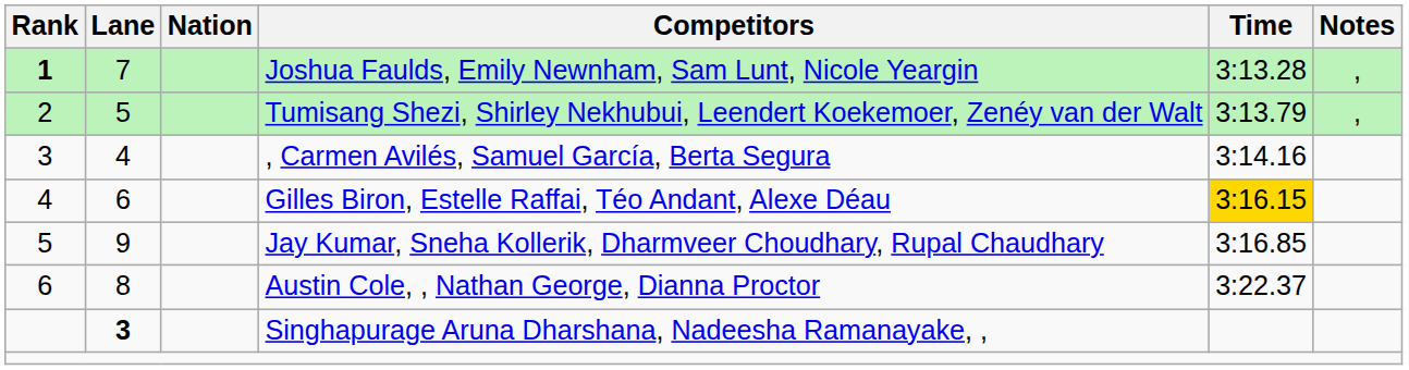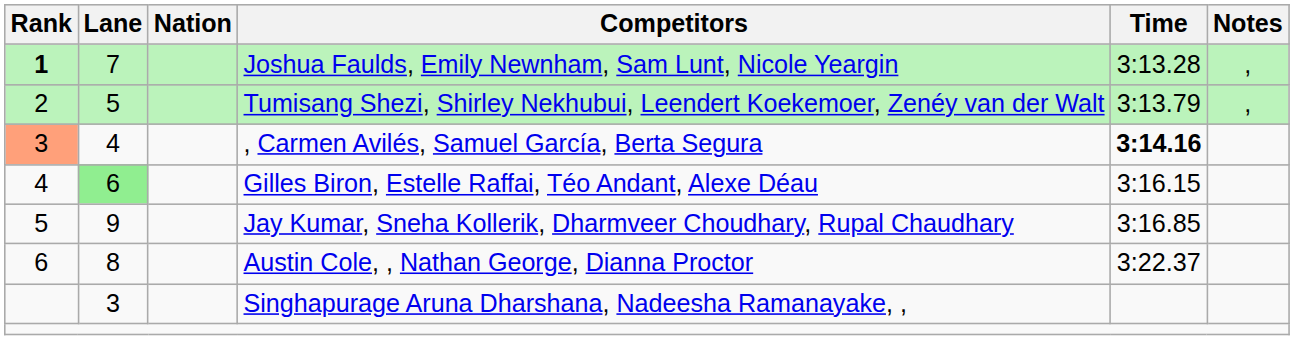 <table class="wikitable sortable" style="text-align:center">
 <tr>
 <th scope="col" style="width: 10px;">Rank</th>
 <th scope="col" style="width: 10px;">Lane</th>
 <th scope="col">Nation</th>
 <th scope="col">Competitors</th>
 <th scope="col">Time</th>
 <th scope="col">Notes</th>
 </tr>
 <tr bgcolor="#bbf3bb">
 <td><strong>1</strong></td>
 <td>7</td>
 <td align="left"></td>
 <td align="left"><a href='#'>Joshua Faulds</a>, <a href='#'>Emily Newnham</a>, <a href='#'>Sam Lunt</a>, <a href='#'>Nicole Yeargin</a></td>
 <td>3:13.28</td>
 <td>, </td>
 </tr>
 <tr bgcolor="#bbf3bb">
 <td>2</td>
 <td>5</td>
 <td align="left"></td>
 <td align="left"><a href='#'>Tumisang Shezi</a>, <a href='#'>Shirley Nekhubui</a>, <a href='#'>Leendert Koekemoer</a>, <a href='#'>Zenéy van der Walt</a></td>
 <td>3:13.79</td>
 <td>, </td>
 </tr>
 <tr>
-<td>3</td>
+<td style="background: lightsalmon;">3</td>
 <td>4</td>
 <td align="left"></td>
 <td align="left">, <a href='#'>Carmen Avilés</a>, <a href='#'>Samuel García</a>, <a href='#'>Berta Segura</a></td>
-<td>3:14.16</td>
+<td><strong>3:14.16</strong></td>
 <td></td>
 </tr>
 <tr>
 <td>4</td>
-<td>6</td>
+<td style="background: lightgreen;">6</td>
 <td align="left"></td>
 <td align="left"><a href='#'>Gilles Biron</a>, <a href='#'>Estelle Raffai</a>, <a href='#'>Téo Andant</a>, <a href='#'>Alexe Déau</a></td>
-<td style="background: gold;">3:16.15</td>
+<td>3:16.15</td>
 <td></td>
 </tr>
 <tr>
 <td>5</td>
 <td>9</td>
 <td align="left"></td>
 <td align="left"><a href='#'>Jay Kumar</a>, <a href='#'>Sneha Kollerik</a>, <a href='#'>Dharmveer Choudhary</a>, <a href='#'>Rupal Chaudhary</a></td>
 <td>3:16.85</td>
 <td></td>
 </tr>
 <tr>
 <td>6</td>
 <td>8</td>
 <td align="left"></td>
 <td align="left"><a href='#'>Austin Cole</a>, , <a href='#'>Nathan George</a>, <a href='#'>Dianna Proctor</a></td>
 <td>3:22.37</td>
 <td></td>
 </tr>
 <tr>
 <td></td>
-<td><strong>3</strong></td>
+<td>3</td>
 <td align="left"></td>
 <td align="left"><a href='#'>Singhapurage Aruna Dharshana</a>, <a href='#'>Nadeesha Ramanayake</a>, , </td>
 <td></td>
 <td></td>
 </tr>
 <tr class="sortbottom">
 <td colspan="6"></td>
 </tr>
 </table>
